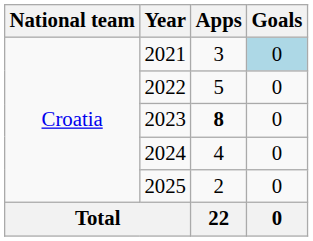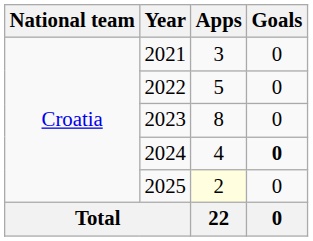 <table class="wikitable" style="text-align:center">
 <tr>
 <th>National team</th>
 <th>Year</th>
 <th>Apps</th>
 <th>Goals</th>
 </tr>
 <tr>
 <td rowspan="5"><a href='#'>Croatia</a></td>
 <td>2021</td>
 <td>3</td>
-<td style="background: lightblue;">0</td>
+<td>0</td>
 </tr>
 <tr>
 <td>2022</td>
 <td>5</td>
 <td>0</td>
 </tr>
 <tr>
 <td>2023</td>
-<td><strong>8</strong></td>
+<td>8</td>
 <td>0</td>
 </tr>
 <tr>
 <td>2024</td>
 <td>4</td>
-<td>0</td>
+<td><strong>0</strong></td>
 </tr>
 <tr>
 <td>2025</td>
-<td>2</td>
+<td style="background: lightyellow;">2</td>
 <td>0</td>
 </tr>
 <tr>
 <th colspan="2">Total</th>
 <th>22</th>
 <th>0</th>
 </tr>
 </table>
